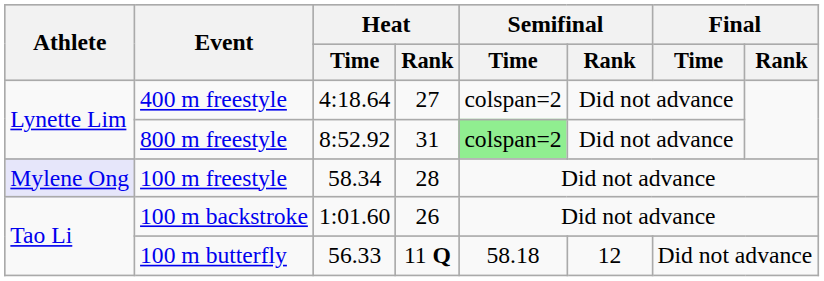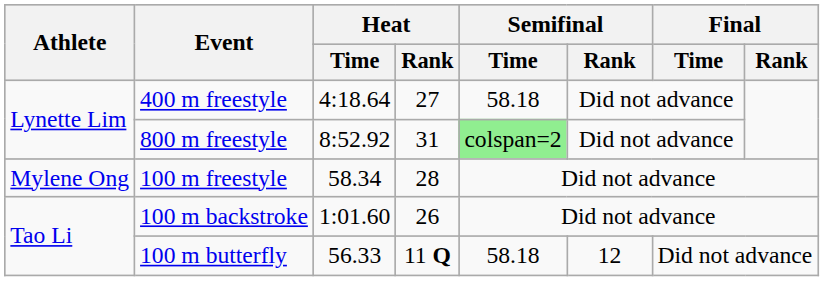 <table class=wikitable style="font-size:90%">
 <tr>
 <th rowspan="2">Athlete</th>
 <th rowspan="2">Event</th>
 <th colspan="2">Heat</th>
 <th colspan="2">Semifinal</th>
 <th colspan="2">Final</th>
 </tr>
 <tr style="font-size:95%">
 <th>Time</th>
 <th>Rank</th>
 <th>Time</th>
 <th>Rank</th>
 <th>Time</th>
 <th>Rank</th>
 </tr>
 <tr align=center>
 <td align=left rowspan=2><a href='#'>Lynette Lim</a></td>
 <td align=left><a href='#'>400 m freestyle</a></td>
 <td>4:18.64</td>
 <td>27</td>
-<td>colspan=2 </td>
+<td>58.18</td>
 <td colspan=2>Did not advance</td>
 </tr>
 <tr align=center>
 <td align=left><a href='#'>800 m freestyle</a></td>
 <td>8:52.92</td>
 <td>31</td>
 <td style="background: lightgreen;">colspan=2 </td>
 <td colspan=2>Did not advance</td>
 </tr>
 <tr align=center>
-<td align=left style="background: lavender;"><a href='#'>Mylene Ong</a></td>
+<td align=left><a href='#'>Mylene Ong</a></td>
 <td align=left><a href='#'>100 m freestyle</a></td>
 <td>58.34</td>
 <td>28</td>
 <td colspan=4>Did not advance</td>
 </tr>
 <tr align=center>
 <td align=left rowspan=2><a href='#'>Tao Li</a></td>
 <td align=left><a href='#'>100 m backstroke</a></td>
 <td>1:01.60</td>
 <td>26</td>
 <td colspan=4>Did not advance</td>
 </tr>
 <tr align=center>
 <td align=left><a href='#'>100 m butterfly</a></td>
 <td>56.33</td>
 <td>11 <strong>Q</strong></td>
 <td>58.18</td>
 <td>12</td>
 <td colspan=2>Did not advance</td>
 </tr>
 </table>
